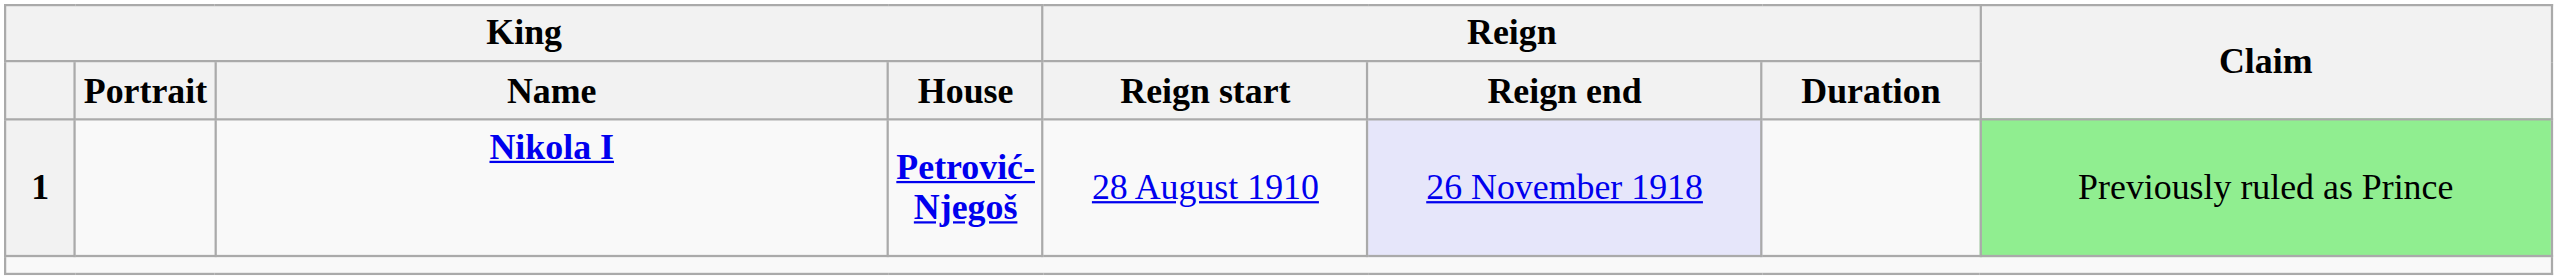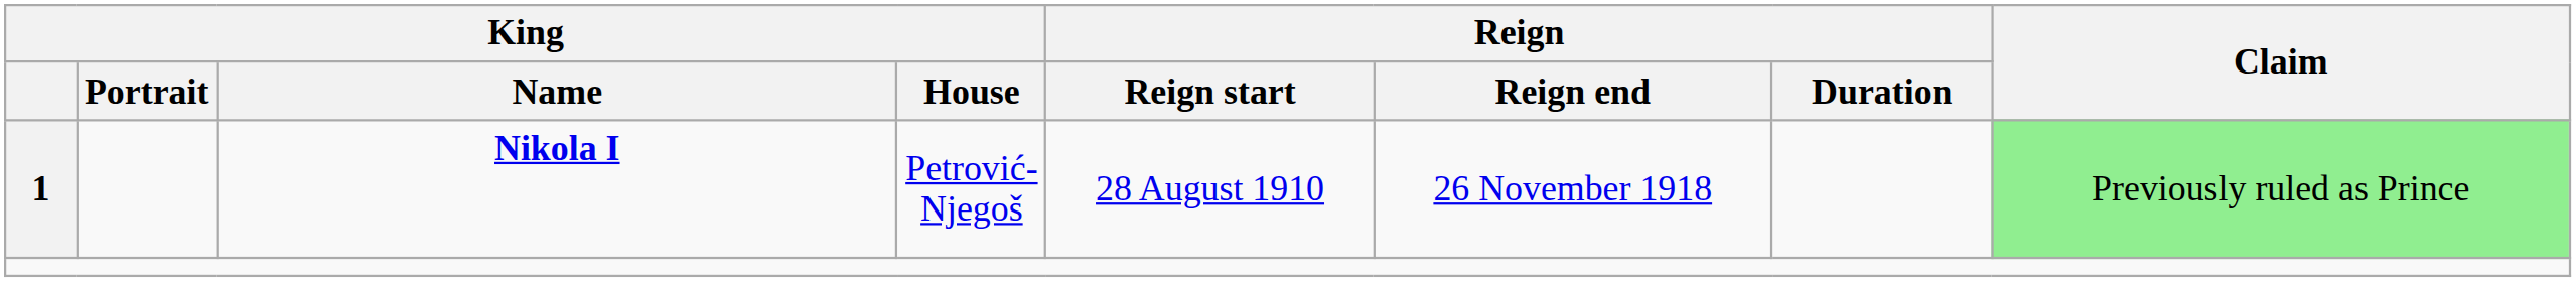 <table class="wikitable" style="text-align:center; width:90%">
 <tr>
 <th width=35% colspan=4>King</th>
 <th width=40% colspan=3>Reign</th>
 <th width=25% rowspan=2>Claim</th>
 </tr>
 <tr>
 <th width=3%></th>
 <th>Portrait</th>
 <th width=30%>Name<br></th>
 <th>House</th>
 <th>Reign start</th>
 <th>Reign end</th>
 <th>Duration</th>
 </tr>
 <tr>
 <th>1</th>
 <td></td>
 <td><strong><a href='#'>Nikola I</a></strong><br><br><br></td>
-<td><strong><a href='#'>Petrović-Njegoš</a></strong></td>
+<td><a href='#'>Petrović-Njegoš</a></td>
 <td><a href='#'>28 August 1910</a></td>
-<td style="background: lavender;"><a href='#'>26 November 1918</a></td>
+<td><a href='#'>26 November 1918</a></td>
 <td></td>
 <td style="background: lightgreen;">Previously ruled as Prince</td>
 </tr>
 <tr>
 <td colspan="9"></td>
 </tr>
 </table>
